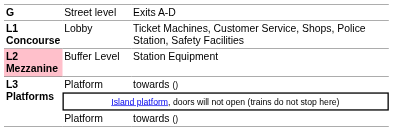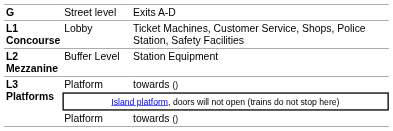 <table table border=0 cellspacing=0 cellpadding=3>
 <tr>
 <td style="border-top:solid 1px gray;" width=50 valign=top><strong>G</strong></td>
 <td style="border-top:solid 1px gray;" width=100 valign=top>Street level</td>
 <td style="border-top:solid 1px gray;" width=390 valign=top>Exits A-D</td>
 </tr>
 <tr>
 <td style="border-bottom:solid 1px gray; border-top:solid 1px gray;" valign=top><strong>L1<br>Concourse</strong></td>
 <td style="border-bottom:solid 1px gray; border-top:solid 1px gray;" valign=top>Lobby</td>
 <td style="border-bottom:solid 1px gray; border-top:solid 1px gray;" valign=top>Ticket Machines, Customer Service, Shops, Police Station, Safety Facilities</td>
 </tr>
 <tr>
-<td style="background: pink; border-bottom:solid 1px gray;" valign=top><strong>L2<br>Mezzanine</strong></td>
+<td style="border-bottom:solid 1px gray;" valign=top><strong>L2<br>Mezzanine</strong></td>
 <td style="border-bottom:solid 1px gray;" valign=top>Buffer Level</td>
 <td style="border-bottom:solid 1px gray;" valign=top>Station Equipment</td>
 </tr>
 <tr>
 <td style="border-bottom:solid 1px gray;" rowspan=3 valign=top><strong>L3<br>Platforms</strong></td>
 <td>Platform </td>
 <td>  towards  <small>()</small></td>
 </tr>
 <tr>
 <td style="border-right:solid 2px black;border-left:solid 2px black;border-top:solid 2px black;border-bottom:solid 2px black;text-align:center;" colspan=2><small><a href='#'>Island platform</a>, doors will not open (trains do not stop here)</small></td>
 </tr>
 <tr>
 <td style="border-bottom:solid 1px gray;">Platform </td>
 <td style="border-bottom:solid 1px gray;"> towards  <small>()</small> </td>
 </tr>
 </table>
